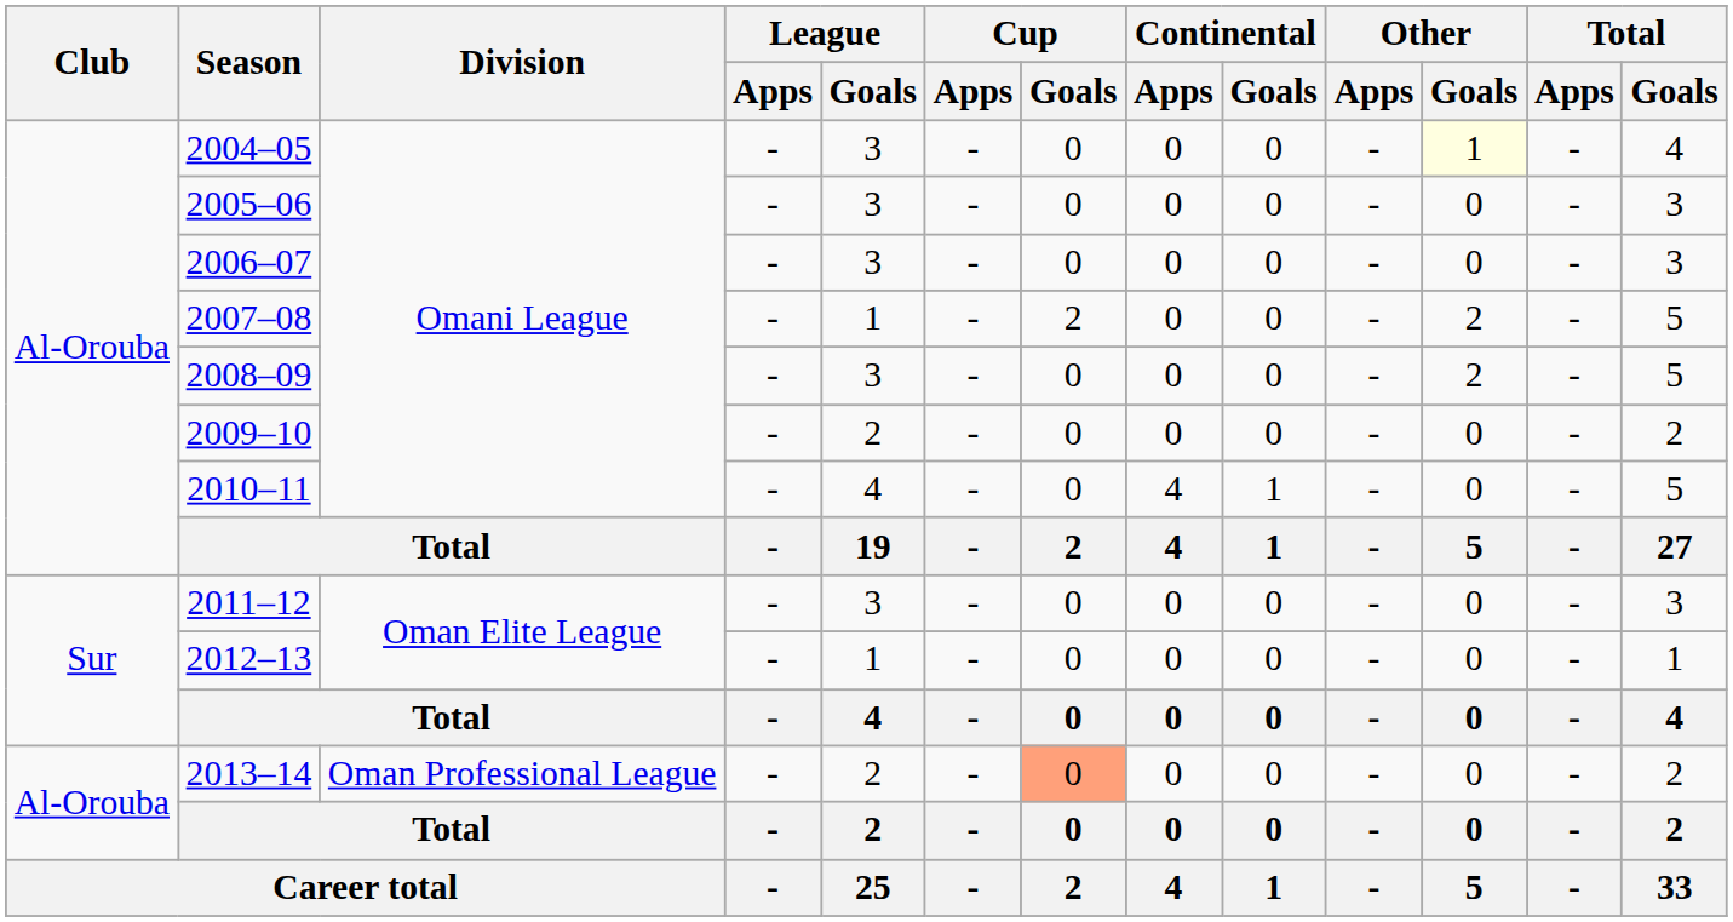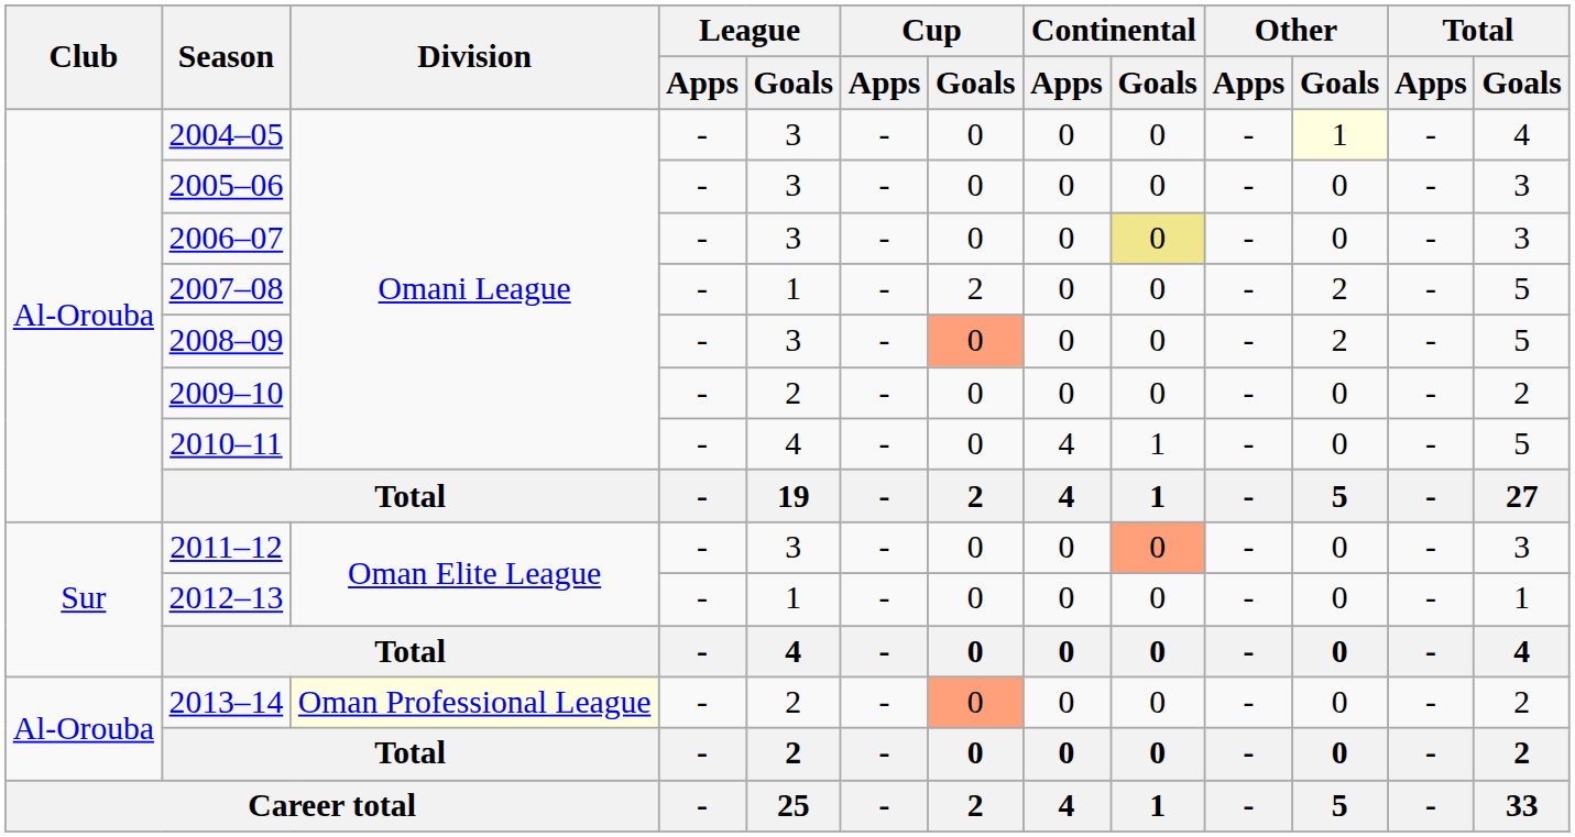 <table class="wikitable" style="text-align: center;">
 <tr>
 <th rowspan="2">Club</th>
 <th rowspan="2">Season</th>
 <th rowspan="2">Division</th>
 <th colspan="2">League</th>
 <th colspan="2">Cup</th>
 <th colspan="2">Continental</th>
 <th colspan="2">Other</th>
 <th colspan="2">Total</th>
 </tr>
 <tr>
 <th>Apps</th>
 <th>Goals</th>
 <th>Apps</th>
 <th>Goals</th>
 <th>Apps</th>
 <th>Goals</th>
 <th>Apps</th>
 <th>Goals</th>
 <th>Apps</th>
 <th>Goals</th>
 </tr>
 <tr>
 <td rowspan="8"><a href='#'>Al-Orouba</a></td>
 <td><a href='#'>2004–05</a></td>
 <td rowspan="7"><a href='#'>Omani League</a></td>
 <td>-</td>
 <td>3</td>
 <td>-</td>
 <td>0</td>
 <td>0</td>
 <td>0</td>
 <td>-</td>
 <td style="background: lightyellow;">1</td>
 <td>-</td>
 <td>4</td>
 </tr>
 <tr>
 <td><a href='#'>2005–06</a></td>
 <td>-</td>
 <td>3</td>
 <td>-</td>
 <td>0</td>
 <td>0</td>
 <td>0</td>
 <td>-</td>
 <td>0</td>
 <td>-</td>
 <td>3</td>
 </tr>
 <tr>
 <td><a href='#'>2006–07</a></td>
 <td>-</td>
 <td>3</td>
 <td>-</td>
 <td>0</td>
 <td>0</td>
-<td>0</td>
+<td style="background: khaki;">0</td>
 <td>-</td>
 <td>0</td>
 <td>-</td>
 <td>3</td>
 </tr>
 <tr>
 <td><a href='#'>2007–08</a></td>
 <td>-</td>
 <td>1</td>
 <td>-</td>
 <td>2</td>
 <td>0</td>
 <td>0</td>
 <td>-</td>
 <td>2</td>
 <td>-</td>
 <td>5</td>
 </tr>
 <tr>
 <td><a href='#'>2008–09</a></td>
 <td>-</td>
 <td>3</td>
 <td>-</td>
-<td>0</td>
+<td style="background: lightsalmon;">0</td>
 <td>0</td>
 <td>0</td>
 <td>-</td>
 <td>2</td>
 <td>-</td>
 <td>5</td>
 </tr>
 <tr>
 <td><a href='#'>2009–10</a></td>
 <td>-</td>
 <td>2</td>
 <td>-</td>
 <td>0</td>
 <td>0</td>
 <td>0</td>
 <td>-</td>
 <td>0</td>
 <td>-</td>
 <td>2</td>
 </tr>
 <tr>
 <td><a href='#'>2010–11</a></td>
 <td>-</td>
 <td>4</td>
 <td>-</td>
 <td>0</td>
 <td>4</td>
 <td>1</td>
 <td>-</td>
 <td>0</td>
 <td>-</td>
 <td>5</td>
 </tr>
 <tr>
 <th colspan="2">Total</th>
 <th>-</th>
 <th>19</th>
 <th>-</th>
 <th>2</th>
 <th>4</th>
 <th>1</th>
 <th>-</th>
 <th>5</th>
 <th>-</th>
 <th>27</th>
 </tr>
 <tr>
 <td rowspan="3"><a href='#'>Sur</a></td>
 <td><a href='#'>2011–12</a></td>
 <td rowspan="2"><a href='#'>Oman Elite League</a></td>
 <td>-</td>
 <td>3</td>
 <td>-</td>
 <td>0</td>
 <td>0</td>
-<td>0</td>
+<td style="background: lightsalmon;">0</td>
 <td>-</td>
 <td>0</td>
 <td>-</td>
 <td>3</td>
 </tr>
 <tr>
 <td><a href='#'>2012–13</a></td>
 <td>-</td>
 <td>1</td>
 <td>-</td>
 <td>0</td>
 <td>0</td>
 <td>0</td>
 <td>-</td>
 <td>0</td>
 <td>-</td>
 <td>1</td>
 </tr>
 <tr>
 <th colspan="2">Total</th>
 <th>-</th>
 <th>4</th>
 <th>-</th>
 <th>0</th>
 <th>0</th>
 <th>0</th>
 <th>-</th>
 <th>0</th>
 <th>-</th>
 <th>4</th>
 </tr>
 <tr>
 <td rowspan="2"><a href='#'>Al-Orouba</a></td>
 <td><a href='#'>2013–14</a></td>
-<td rowspan="1"><a href='#'>Oman Professional League</a></td>
+<td rowspan="1" style="background: lightyellow;"><a href='#'>Oman Professional League</a></td>
 <td>-</td>
 <td>2</td>
 <td>-</td>
 <td style="background: lightsalmon;">0</td>
 <td>0</td>
 <td>0</td>
 <td>-</td>
 <td>0</td>
 <td>-</td>
 <td>2</td>
 </tr>
 <tr>
 <th colspan="2">Total</th>
 <th>-</th>
 <th>2</th>
 <th>-</th>
 <th>0</th>
 <th>0</th>
 <th>0</th>
 <th>-</th>
 <th>0</th>
 <th>-</th>
 <th>2</th>
 </tr>
 <tr>
 <th colspan="3">Career total</th>
 <th>-</th>
 <th>25</th>
 <th>-</th>
 <th>2</th>
 <th>4</th>
 <th>1</th>
 <th>-</th>
 <th>5</th>
 <th>-</th>
 <th>33</th>
 </tr>
 </table>
